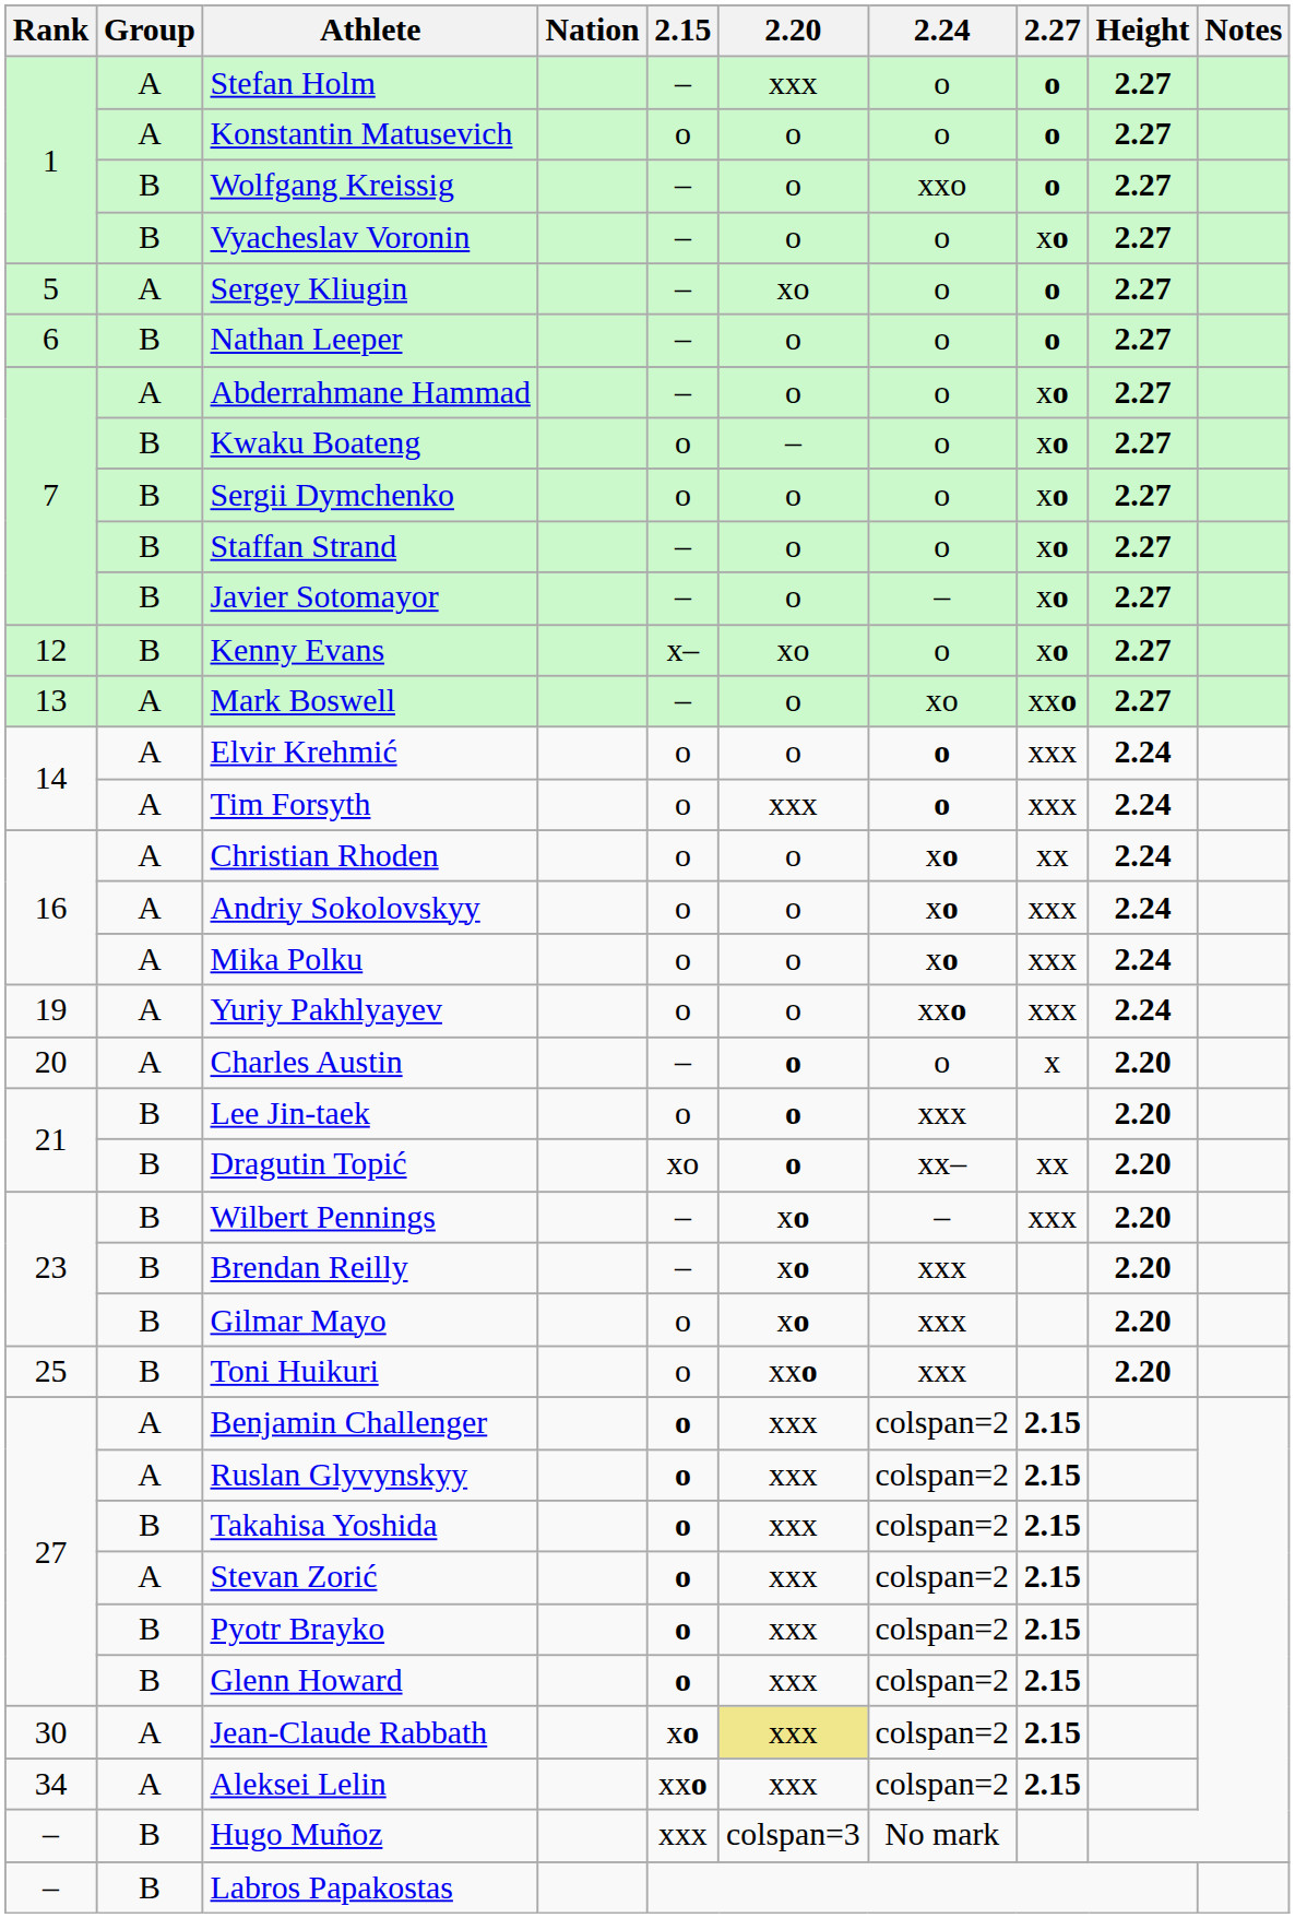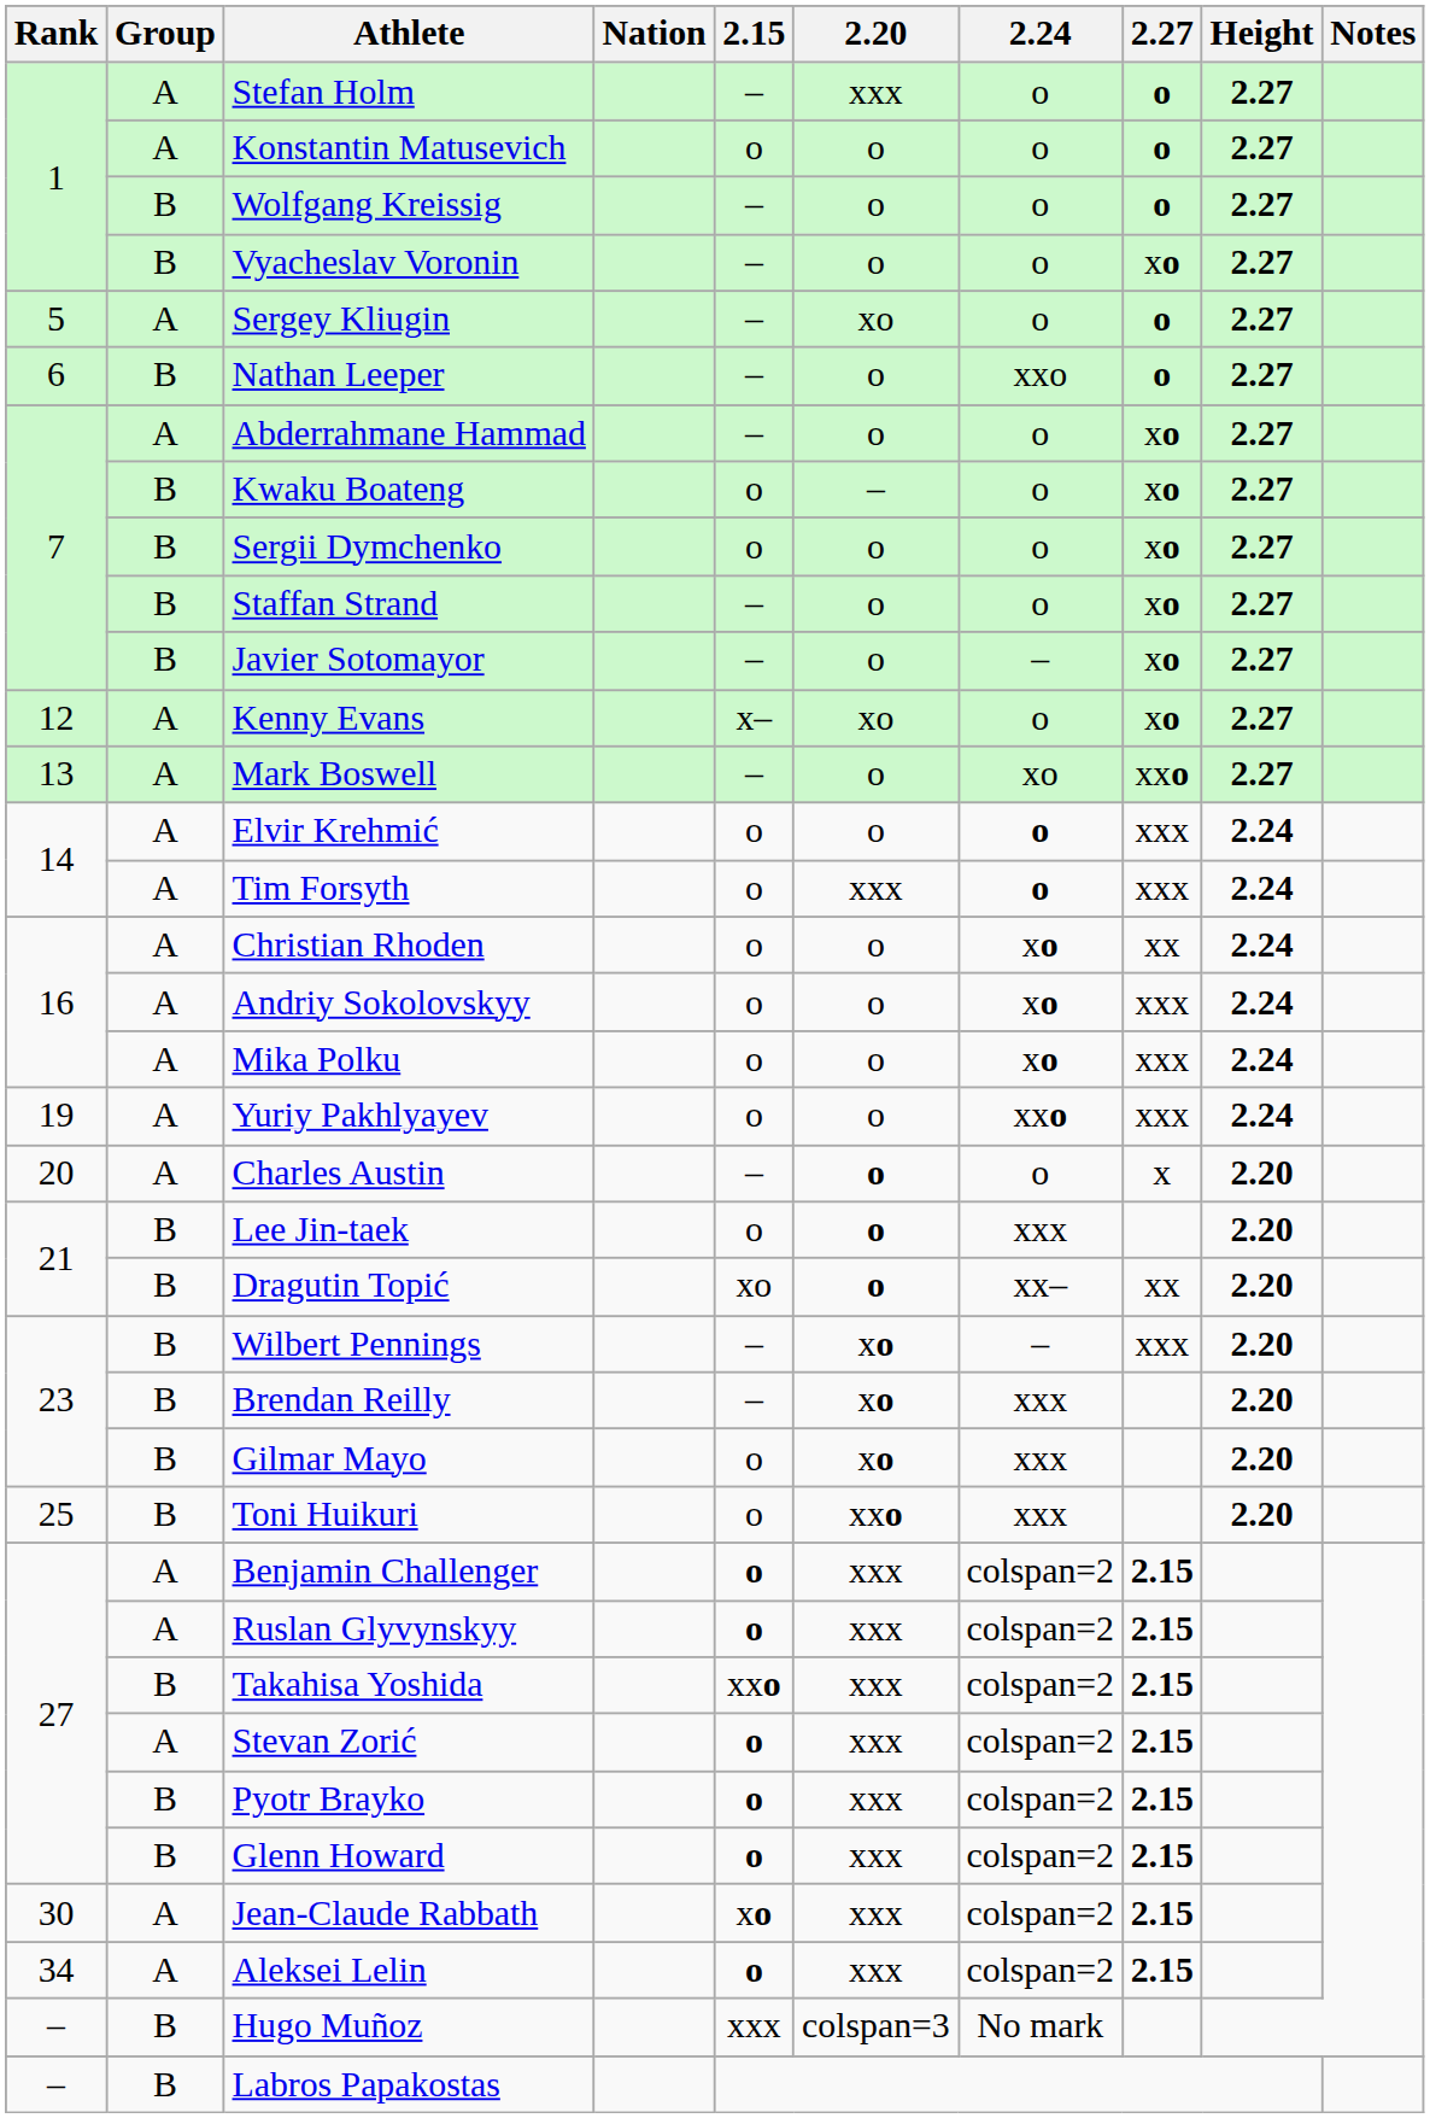 <table class="wikitable sortable" style="text-align:center">
 <tr>
 <th>Rank</th>
 <th>Group</th>
 <th>Athlete</th>
 <th>Nation</th>
 <th>2.15</th>
 <th>2.20</th>
 <th>2.24</th>
 <th>2.27</th>
 <th>Height</th>
 <th>Notes</th>
 </tr>
 <tr bgcolor=ccf9cc>
 <td rowspan=4>1</td>
 <td>A</td>
 <td align=left><a href='#'>Stefan Holm</a></td>
 <td align=left></td>
 <td>–</td>
 <td>xxx</td>
 <td>o</td>
 <td><strong>o</strong></td>
 <td><strong>2.27</strong></td>
 <td></td>
 </tr>
 <tr bgcolor=ccf9cc>
 <td>A</td>
 <td align=left><a href='#'>Konstantin Matusevich</a></td>
 <td align=left></td>
 <td>o</td>
 <td>o</td>
 <td>o</td>
 <td><strong>o</strong></td>
 <td><strong>2.27</strong></td>
 <td></td>
 </tr>
 <tr bgcolor=ccf9cc>
 <td>B</td>
 <td align=left><a href='#'>Wolfgang Kreissig</a></td>
 <td align=left></td>
 <td>–</td>
 <td>o</td>
-<td>xxo</td>
+<td>o</td>
 <td><strong>o</strong></td>
 <td><strong>2.27</strong></td>
 <td></td>
 </tr>
 <tr bgcolor=ccf9cc>
 <td>B</td>
 <td align=left><a href='#'>Vyacheslav Voronin</a></td>
 <td align=left></td>
 <td>–</td>
 <td>o</td>
 <td>o</td>
 <td>x<strong>o</strong></td>
 <td><strong>2.27</strong></td>
 <td></td>
 </tr>
 <tr bgcolor=ccf9cc>
 <td>5</td>
 <td>A</td>
 <td align=left><a href='#'>Sergey Kliugin</a></td>
 <td align=left></td>
 <td>–</td>
 <td>xo</td>
 <td>o</td>
 <td><strong>o</strong></td>
 <td><strong>2.27</strong></td>
 <td></td>
 </tr>
 <tr bgcolor=ccf9cc>
 <td>6</td>
 <td>B</td>
 <td align=left><a href='#'>Nathan Leeper</a></td>
 <td align=left></td>
 <td>–</td>
 <td>o</td>
-<td>o</td>
+<td>xxo</td>
 <td><strong>o</strong></td>
 <td><strong>2.27</strong></td>
 <td></td>
 </tr>
 <tr bgcolor=ccf9cc>
 <td rowspan=5>7</td>
 <td>A</td>
 <td align=left><a href='#'>Abderrahmane Hammad</a></td>
 <td align=left></td>
 <td>–</td>
 <td>o</td>
 <td>o</td>
 <td>x<strong>o</strong></td>
 <td><strong>2.27</strong></td>
 <td></td>
 </tr>
 <tr bgcolor=ccf9cc>
 <td>B</td>
 <td align=left><a href='#'>Kwaku Boateng</a></td>
 <td align=left></td>
 <td>o</td>
 <td>–</td>
 <td>o</td>
 <td>x<strong>o</strong></td>
 <td><strong>2.27</strong></td>
 <td></td>
 </tr>
 <tr bgcolor=ccf9cc>
 <td>B</td>
 <td align=left><a href='#'>Sergii Dymchenko</a></td>
 <td align=left></td>
 <td>o</td>
 <td>o</td>
 <td>o</td>
 <td>x<strong>o</strong></td>
 <td><strong>2.27</strong></td>
 <td></td>
 </tr>
 <tr bgcolor=ccf9cc>
 <td>B</td>
 <td align=left><a href='#'>Staffan Strand</a></td>
 <td align=left></td>
 <td>–</td>
 <td>o</td>
 <td>o</td>
 <td>x<strong>o</strong></td>
 <td><strong>2.27</strong></td>
 <td></td>
 </tr>
 <tr bgcolor=ccf9cc>
 <td>B</td>
 <td align=left><a href='#'>Javier Sotomayor</a></td>
 <td align=left></td>
 <td>–</td>
 <td>o</td>
 <td>–</td>
 <td>x<strong>o</strong></td>
 <td><strong>2.27</strong></td>
 <td></td>
 </tr>
 <tr bgcolor=ccf9cc>
 <td>12</td>
-<td>B</td>
+<td>A</td>
 <td align=left><a href='#'>Kenny Evans</a></td>
 <td align=left></td>
 <td>x–</td>
 <td>xo</td>
 <td>o</td>
 <td>x<strong>o</strong></td>
 <td><strong>2.27</strong></td>
 <td></td>
 </tr>
 <tr bgcolor=ccf9cc>
 <td>13</td>
 <td>A</td>
 <td align=left><a href='#'>Mark Boswell</a></td>
 <td align=left></td>
 <td>–</td>
 <td>o</td>
 <td>xo</td>
 <td>xx<strong>o</strong></td>
 <td><strong>2.27</strong></td>
 <td></td>
 </tr>
 <tr>
 <td rowspan=2>14</td>
 <td>A</td>
 <td align=left><a href='#'>Elvir Krehmić</a></td>
 <td align=left></td>
 <td>o</td>
 <td>o</td>
 <td><strong>o</strong></td>
 <td>xxx</td>
 <td><strong>2.24</strong></td>
 <td></td>
 </tr>
 <tr>
 <td>A</td>
 <td align=left><a href='#'>Tim Forsyth</a></td>
 <td align=left></td>
 <td>o</td>
 <td>xxx</td>
 <td><strong>o</strong></td>
 <td>xxx</td>
 <td><strong>2.24</strong></td>
 <td></td>
 </tr>
 <tr>
 <td rowspan=3>16</td>
 <td>A</td>
 <td align=left><a href='#'>Christian Rhoden</a></td>
 <td align=left></td>
 <td>o</td>
 <td>o</td>
 <td>x<strong>o</strong></td>
 <td>xx</td>
 <td><strong>2.24</strong></td>
 <td></td>
 </tr>
 <tr>
 <td>A</td>
 <td align=left><a href='#'>Andriy Sokolovskyy</a></td>
 <td align=left></td>
 <td>o</td>
 <td>o</td>
 <td>x<strong>o</strong></td>
 <td>xxx</td>
 <td><strong>2.24</strong></td>
 <td></td>
 </tr>
 <tr>
 <td>A</td>
 <td align=left><a href='#'>Mika Polku</a></td>
 <td align=left></td>
 <td>o</td>
 <td>o</td>
 <td>x<strong>o</strong></td>
 <td>xxx</td>
 <td><strong>2.24</strong></td>
 <td></td>
 </tr>
 <tr>
 <td>19</td>
 <td>A</td>
 <td align=left><a href='#'>Yuriy Pakhlyayev</a></td>
 <td align=left></td>
 <td>o</td>
 <td>o</td>
 <td>xx<strong>o</strong></td>
 <td>xxx</td>
 <td><strong>2.24</strong></td>
 <td></td>
 </tr>
 <tr>
 <td>20</td>
 <td>A</td>
 <td align=left><a href='#'>Charles Austin</a></td>
 <td align=left></td>
 <td>–</td>
 <td><strong>o</strong></td>
 <td>o</td>
 <td>x</td>
 <td><strong>2.20</strong></td>
 <td></td>
 </tr>
 <tr>
 <td rowspan=2>21</td>
 <td>B</td>
 <td align=left><a href='#'>Lee Jin-taek</a></td>
 <td align=left></td>
 <td>o</td>
 <td><strong>o</strong></td>
 <td>xxx</td>
 <td></td>
 <td><strong>2.20</strong></td>
 <td></td>
 </tr>
 <tr>
 <td>B</td>
 <td align=left><a href='#'>Dragutin Topić</a></td>
 <td align=left></td>
 <td>xo</td>
 <td><strong>o</strong></td>
 <td>xx–</td>
 <td>xx</td>
 <td><strong>2.20</strong></td>
 <td></td>
 </tr>
 <tr>
 <td rowspan=3>23</td>
 <td>B</td>
 <td align=left><a href='#'>Wilbert Pennings</a></td>
 <td align=left></td>
 <td>–</td>
 <td>x<strong>o</strong></td>
 <td>–</td>
 <td>xxx</td>
 <td><strong>2.20</strong></td>
 <td></td>
 </tr>
 <tr>
 <td>B</td>
 <td align=left><a href='#'>Brendan Reilly</a></td>
 <td align=left></td>
 <td>–</td>
 <td>x<strong>o</strong></td>
 <td>xxx</td>
 <td></td>
 <td><strong>2.20</strong></td>
 <td></td>
 </tr>
 <tr>
 <td>B</td>
 <td align=left><a href='#'>Gilmar Mayo</a></td>
 <td align=left></td>
 <td>o</td>
 <td>x<strong>o</strong></td>
 <td>xxx</td>
 <td></td>
 <td><strong>2.20</strong></td>
 <td></td>
 </tr>
 <tr>
 <td>25</td>
 <td>B</td>
 <td align=left><a href='#'>Toni Huikuri</a></td>
 <td align=left></td>
 <td>o</td>
 <td>xx<strong>o</strong></td>
 <td>xxx</td>
 <td></td>
 <td><strong>2.20</strong></td>
 <td></td>
 </tr>
 <tr>
 <td rowspan=6>27</td>
 <td>A</td>
 <td align=left><a href='#'>Benjamin Challenger</a></td>
 <td align=left></td>
 <td><strong>o</strong></td>
 <td>xxx</td>
 <td>colspan=2 </td>
 <td><strong>2.15</strong></td>
 <td></td>
 </tr>
 <tr>
 <td>A</td>
 <td align=left><a href='#'>Ruslan Glyvynskyy</a></td>
 <td align=left></td>
 <td><strong>o</strong></td>
 <td>xxx</td>
 <td>colspan=2 </td>
 <td><strong>2.15</strong></td>
 <td></td>
 </tr>
 <tr>
 <td>B</td>
 <td align=left><a href='#'>Takahisa Yoshida</a></td>
 <td align=left></td>
-<td><strong>o</strong></td>
+<td>xx<strong>o</strong></td>
 <td>xxx</td>
 <td>colspan=2 </td>
 <td><strong>2.15</strong></td>
 <td></td>
 </tr>
 <tr>
 <td>A</td>
 <td align=left><a href='#'>Stevan Zorić</a></td>
 <td align=left></td>
 <td><strong>o</strong></td>
 <td>xxx</td>
 <td>colspan=2 </td>
 <td><strong>2.15</strong></td>
 <td></td>
 </tr>
 <tr>
 <td>B</td>
 <td align=left><a href='#'>Pyotr Brayko</a></td>
 <td align=left></td>
 <td><strong>o</strong></td>
 <td>xxx</td>
 <td>colspan=2 </td>
 <td><strong>2.15</strong></td>
 <td></td>
 </tr>
 <tr>
 <td>B</td>
 <td align=left><a href='#'>Glenn Howard</a></td>
 <td align=left></td>
 <td><strong>o</strong></td>
 <td>xxx</td>
 <td>colspan=2 </td>
 <td><strong>2.15</strong></td>
 <td></td>
 </tr>
 <tr>
 <td>30</td>
 <td>A</td>
 <td align=left><a href='#'>Jean-Claude Rabbath</a></td>
 <td align=left></td>
 <td>x<strong>o</strong></td>
-<td style="background: khaki;">xxx</td>
+<td>xxx</td>
 <td>colspan=2 </td>
 <td><strong>2.15</strong></td>
 <td></td>
 </tr>
 <tr>
 <td>34</td>
 <td>A</td>
 <td align=left><a href='#'>Aleksei Lelin</a></td>
 <td align=left></td>
-<td>xx<strong>o</strong></td>
+<td><strong>o</strong></td>
 <td>xxx</td>
 <td>colspan=2 </td>
 <td><strong>2.15</strong></td>
 <td></td>
 </tr>
 <tr>
 <td data-sort-value=35>–</td>
 <td>B</td>
 <td align=left><a href='#'>Hugo Muñoz</a></td>
 <td align=left></td>
 <td>xxx</td>
 <td>colspan=3 </td>
 <td data-sort-value=1.00>No mark</td>
 <td></td>
 </tr>
 <tr>
 <td data-sort-value=36>–</td>
 <td>B</td>
 <td align=left><a href='#'>Labros Papakostas</a></td>
 <td align=left></td>
 <td colspan=5 data-sort-value=0.00></td>
 <td></td>
 </tr>
 </table>
